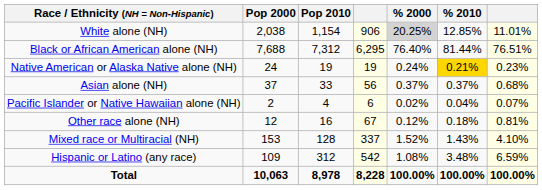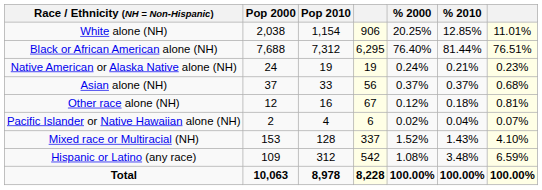 <table class="wikitable" style="text-align:center;">
 <tr>
 <th>Race / Ethnicity <small>(<em>NH = Non-Hispanic</em>)</small></th>
 <th>Pop 2000</th>
 <th>Pop 2010</th>
 <th></th>
 <th>% 2000</th>
 <th>% 2010</th>
 <th></th>
 </tr>
 <tr>
 <td><a href='#'>White</a> alone (NH)</td>
 <td>2,038</td>
 <td>1,154</td>
 <td style='background: #ffffe6;'>906</td>
-<td style="background: lightgrey;">20.25%</td>
+<td>20.25%</td>
 <td>12.85%</td>
 <td style='background: #ffffe6;'>11.01%</td>
 </tr>
 <tr>
 <td><a href='#'>Black or African American</a> alone (NH)</td>
 <td>7,688</td>
 <td>7,312</td>
 <td style='background: #ffffe6;'>6,295</td>
 <td>76.40%</td>
 <td>81.44%</td>
 <td style='background: #ffffe6;'>76.51%</td>
 </tr>
 <tr>
 <td><a href='#'>Native American</a> or <a href='#'>Alaska Native</a> alone (NH)</td>
 <td>24</td>
 <td>19</td>
 <td style='background: #ffffe6;'>19</td>
 <td>0.24%</td>
-<td style="background: gold;">0.21%</td>
+<td>0.21%</td>
 <td style='background: #ffffe6;'>0.23%</td>
 </tr>
 <tr>
 <td><a href='#'>Asian</a> alone (NH)</td>
 <td>37</td>
 <td>33</td>
 <td style='background: #ffffe6;'>56</td>
 <td>0.37%</td>
 <td>0.37%</td>
 <td style='background: #ffffe6;'>0.68%</td>
 </tr>
 <tr>
+<td><a href='#'>Other race</a> alone (NH)</td>
+<td>12</td>
+<td>16</td>
+<td style='background: #ffffe6;'>67</td>
+<td>0.12%</td>
+<td>0.18%</td>
+<td style='background: #ffffe6;'>0.81%</td>
+</tr>
+<tr>
 <td><a href='#'>Pacific Islander</a> or <a href='#'>Native Hawaiian</a> alone (NH)</td>
 <td>2</td>
 <td>4</td>
 <td style='background: #ffffe6;'>6</td>
 <td>0.02%</td>
 <td>0.04%</td>
 <td style='background: #ffffe6;'>0.07%</td>
-</tr>
-<tr>
-<td><a href='#'>Other race</a> alone (NH)</td>
-<td>12</td>
-<td>16</td>
-<td style='background: #ffffe6;'>67</td>
-<td>0.12%</td>
-<td>0.18%</td>
-<td style='background: #ffffe6;'>0.81%</td>
 </tr>
 <tr>
 <td><a href='#'>Mixed race or Multiracial</a> (NH)</td>
 <td>153</td>
 <td>128</td>
 <td style='background: #ffffe6;'>337</td>
 <td>1.52%</td>
 <td>1.43%</td>
 <td style='background: #ffffe6;'>4.10%</td>
 </tr>
 <tr>
 <td><a href='#'>Hispanic or Latino</a> (any race)</td>
 <td>109</td>
 <td>312</td>
 <td style='background: #ffffe6;'>542</td>
 <td>1.08%</td>
 <td>3.48%</td>
 <td style='background: #ffffe6;'>6.59%</td>
 </tr>
 <tr>
 <td><strong>Total</strong></td>
 <td><strong>10,063</strong></td>
 <td><strong>8,978</strong></td>
 <td style='background: #ffffe6;'><strong>8,228</strong></td>
 <td><strong>100.00%</strong></td>
 <td><strong>100.00%</strong></td>
 <td style='background: #ffffe6;'><strong>100.00%</strong></td>
 </tr>
 </table>
